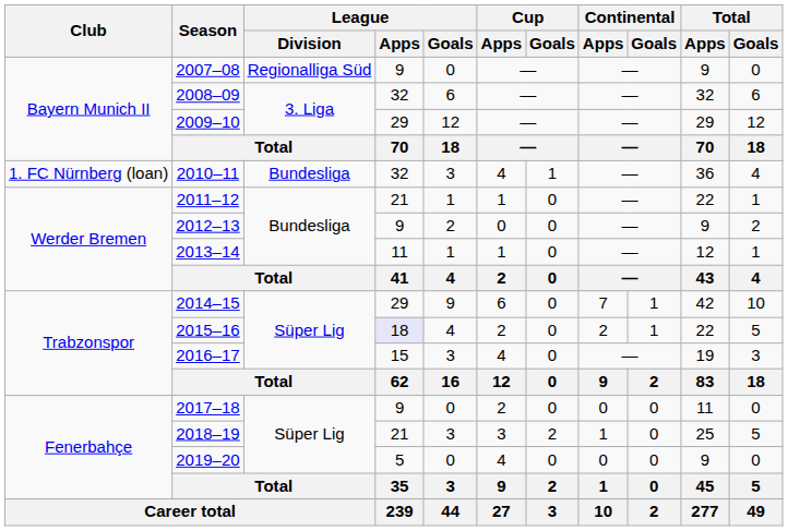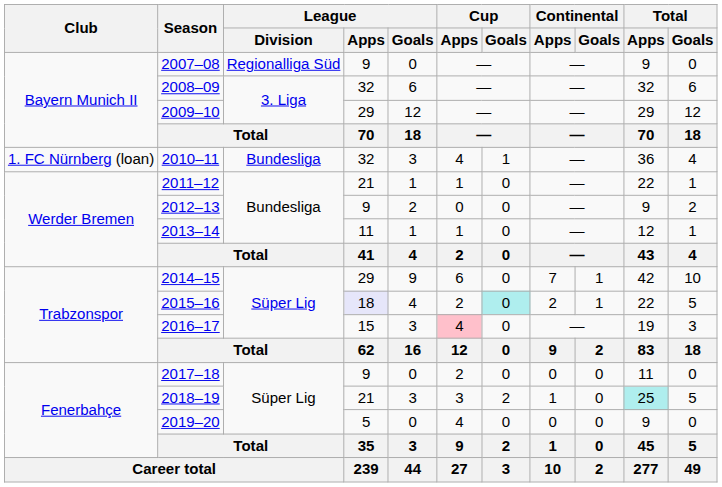 <table class="wikitable" style="text-align:center">
 <tr>
 <th rowspan="2">Club</th>
 <th rowspan="2">Season</th>
 <th colspan="3">League</th>
 <th colspan="2">Cup</th>
 <th colspan="2">Continental</th>
 <th colspan="2">Total</th>
 </tr>
 <tr>
 <th>Division</th>
 <th>Apps</th>
 <th>Goals</th>
 <th>Apps</th>
 <th>Goals</th>
 <th>Apps</th>
 <th>Goals</th>
 <th>Apps</th>
 <th>Goals</th>
 </tr>
 <tr>
 <td rowspan="4"><a href='#'>Bayern Munich II</a></td>
 <td><a href='#'>2007–08</a></td>
 <td><a href='#'>Regionalliga Süd</a></td>
 <td>9</td>
 <td>0</td>
 <td colspan="2">—</td>
 <td colspan="2">—</td>
 <td>9</td>
 <td>0</td>
 </tr>
 <tr>
 <td><a href='#'>2008–09</a></td>
 <td rowspan="2"><a href='#'>3. Liga</a></td>
 <td>32</td>
 <td>6</td>
 <td colspan="2">—</td>
 <td colspan="2">—</td>
 <td>32</td>
 <td>6</td>
 </tr>
 <tr>
 <td><a href='#'>2009–10</a></td>
 <td>29</td>
 <td>12</td>
 <td colspan="2">—</td>
 <td colspan="2">—</td>
 <td>29</td>
 <td>12</td>
 </tr>
 <tr>
 <th colspan="2">Total</th>
 <th>70</th>
 <th>18</th>
 <th colspan="2">—</th>
 <th colspan="2">—</th>
 <th>70</th>
 <th>18</th>
 </tr>
 <tr>
 <td><a href='#'>1. FC Nürnberg</a> (loan)</td>
 <td><a href='#'>2010–11</a></td>
 <td><a href='#'>Bundesliga</a></td>
 <td>32</td>
 <td>3</td>
 <td>4</td>
 <td>1</td>
 <td colspan="2">—</td>
 <td>36</td>
 <td>4</td>
 </tr>
 <tr>
 <td rowspan="4"><a href='#'>Werder Bremen</a></td>
 <td><a href='#'>2011–12</a></td>
 <td rowspan="3">Bundesliga</td>
 <td>21</td>
 <td>1</td>
 <td>1</td>
 <td>0</td>
 <td colspan="2">—</td>
 <td>22</td>
 <td>1</td>
 </tr>
 <tr>
 <td><a href='#'>2012–13</a></td>
 <td>9</td>
 <td>2</td>
 <td>0</td>
 <td>0</td>
 <td colspan="2">—</td>
 <td>9</td>
 <td>2</td>
 </tr>
 <tr>
 <td><a href='#'>2013–14</a></td>
 <td>11</td>
 <td>1</td>
 <td>1</td>
 <td>0</td>
 <td colspan="2">—</td>
 <td>12</td>
 <td>1</td>
 </tr>
 <tr>
 <th colspan="2">Total</th>
 <th>41</th>
 <th>4</th>
 <th>2</th>
 <th>0</th>
 <th colspan="2">—</th>
 <th>43</th>
 <th>4</th>
 </tr>
 <tr>
 <td rowspan="4"><a href='#'>Trabzonspor</a></td>
 <td><a href='#'>2014–15</a></td>
 <td rowspan="3"><a href='#'>Süper Lig</a></td>
 <td>29</td>
 <td>9</td>
 <td>6</td>
 <td>0</td>
 <td>7</td>
 <td>1</td>
 <td>42</td>
 <td>10</td>
 </tr>
 <tr>
 <td><a href='#'>2015–16</a></td>
 <td style="background: lavender;">18</td>
 <td>4</td>
 <td>2</td>
-<td>0</td>
+<td style="background: paleturquoise;">0</td>
 <td>2</td>
 <td>1</td>
 <td>22</td>
 <td>5</td>
 </tr>
 <tr>
 <td><a href='#'>2016–17</a></td>
 <td>15</td>
 <td>3</td>
-<td>4</td>
+<td style="background: pink;">4</td>
 <td>0</td>
 <td colspan="2">—</td>
 <td>19</td>
 <td>3</td>
 </tr>
 <tr>
 <th colspan="2">Total</th>
 <th>62</th>
 <th>16</th>
 <th>12</th>
 <th>0</th>
 <th>9</th>
 <th>2</th>
 <th>83</th>
 <th>18</th>
 </tr>
 <tr>
 <td rowspan="4"><a href='#'>Fenerbahçe</a></td>
 <td><a href='#'>2017–18</a></td>
 <td rowspan="3">Süper Lig</td>
 <td>9</td>
 <td>0</td>
 <td>2</td>
 <td>0</td>
 <td>0</td>
 <td>0</td>
 <td>11</td>
 <td>0</td>
 </tr>
 <tr>
 <td><a href='#'>2018–19</a></td>
 <td>21</td>
 <td>3</td>
 <td>3</td>
 <td>2</td>
 <td>1</td>
 <td>0</td>
-<td>25</td>
+<td style="background: paleturquoise;">25</td>
 <td>5</td>
 </tr>
 <tr>
 <td><a href='#'>2019–20</a></td>
 <td>5</td>
 <td>0</td>
 <td>4</td>
 <td>0</td>
 <td>0</td>
 <td>0</td>
 <td>9</td>
 <td>0</td>
 </tr>
 <tr>
 <th colspan="2">Total</th>
 <th>35</th>
 <th>3</th>
 <th>9</th>
 <th>2</th>
 <th>1</th>
 <th>0</th>
 <th>45</th>
 <th>5</th>
 </tr>
 <tr>
 <th colspan="3">Career total</th>
 <th>239</th>
 <th>44</th>
 <th>27</th>
 <th>3</th>
 <th>10</th>
 <th>2</th>
 <th>277</th>
 <th>49</th>
 </tr>
 </table>
